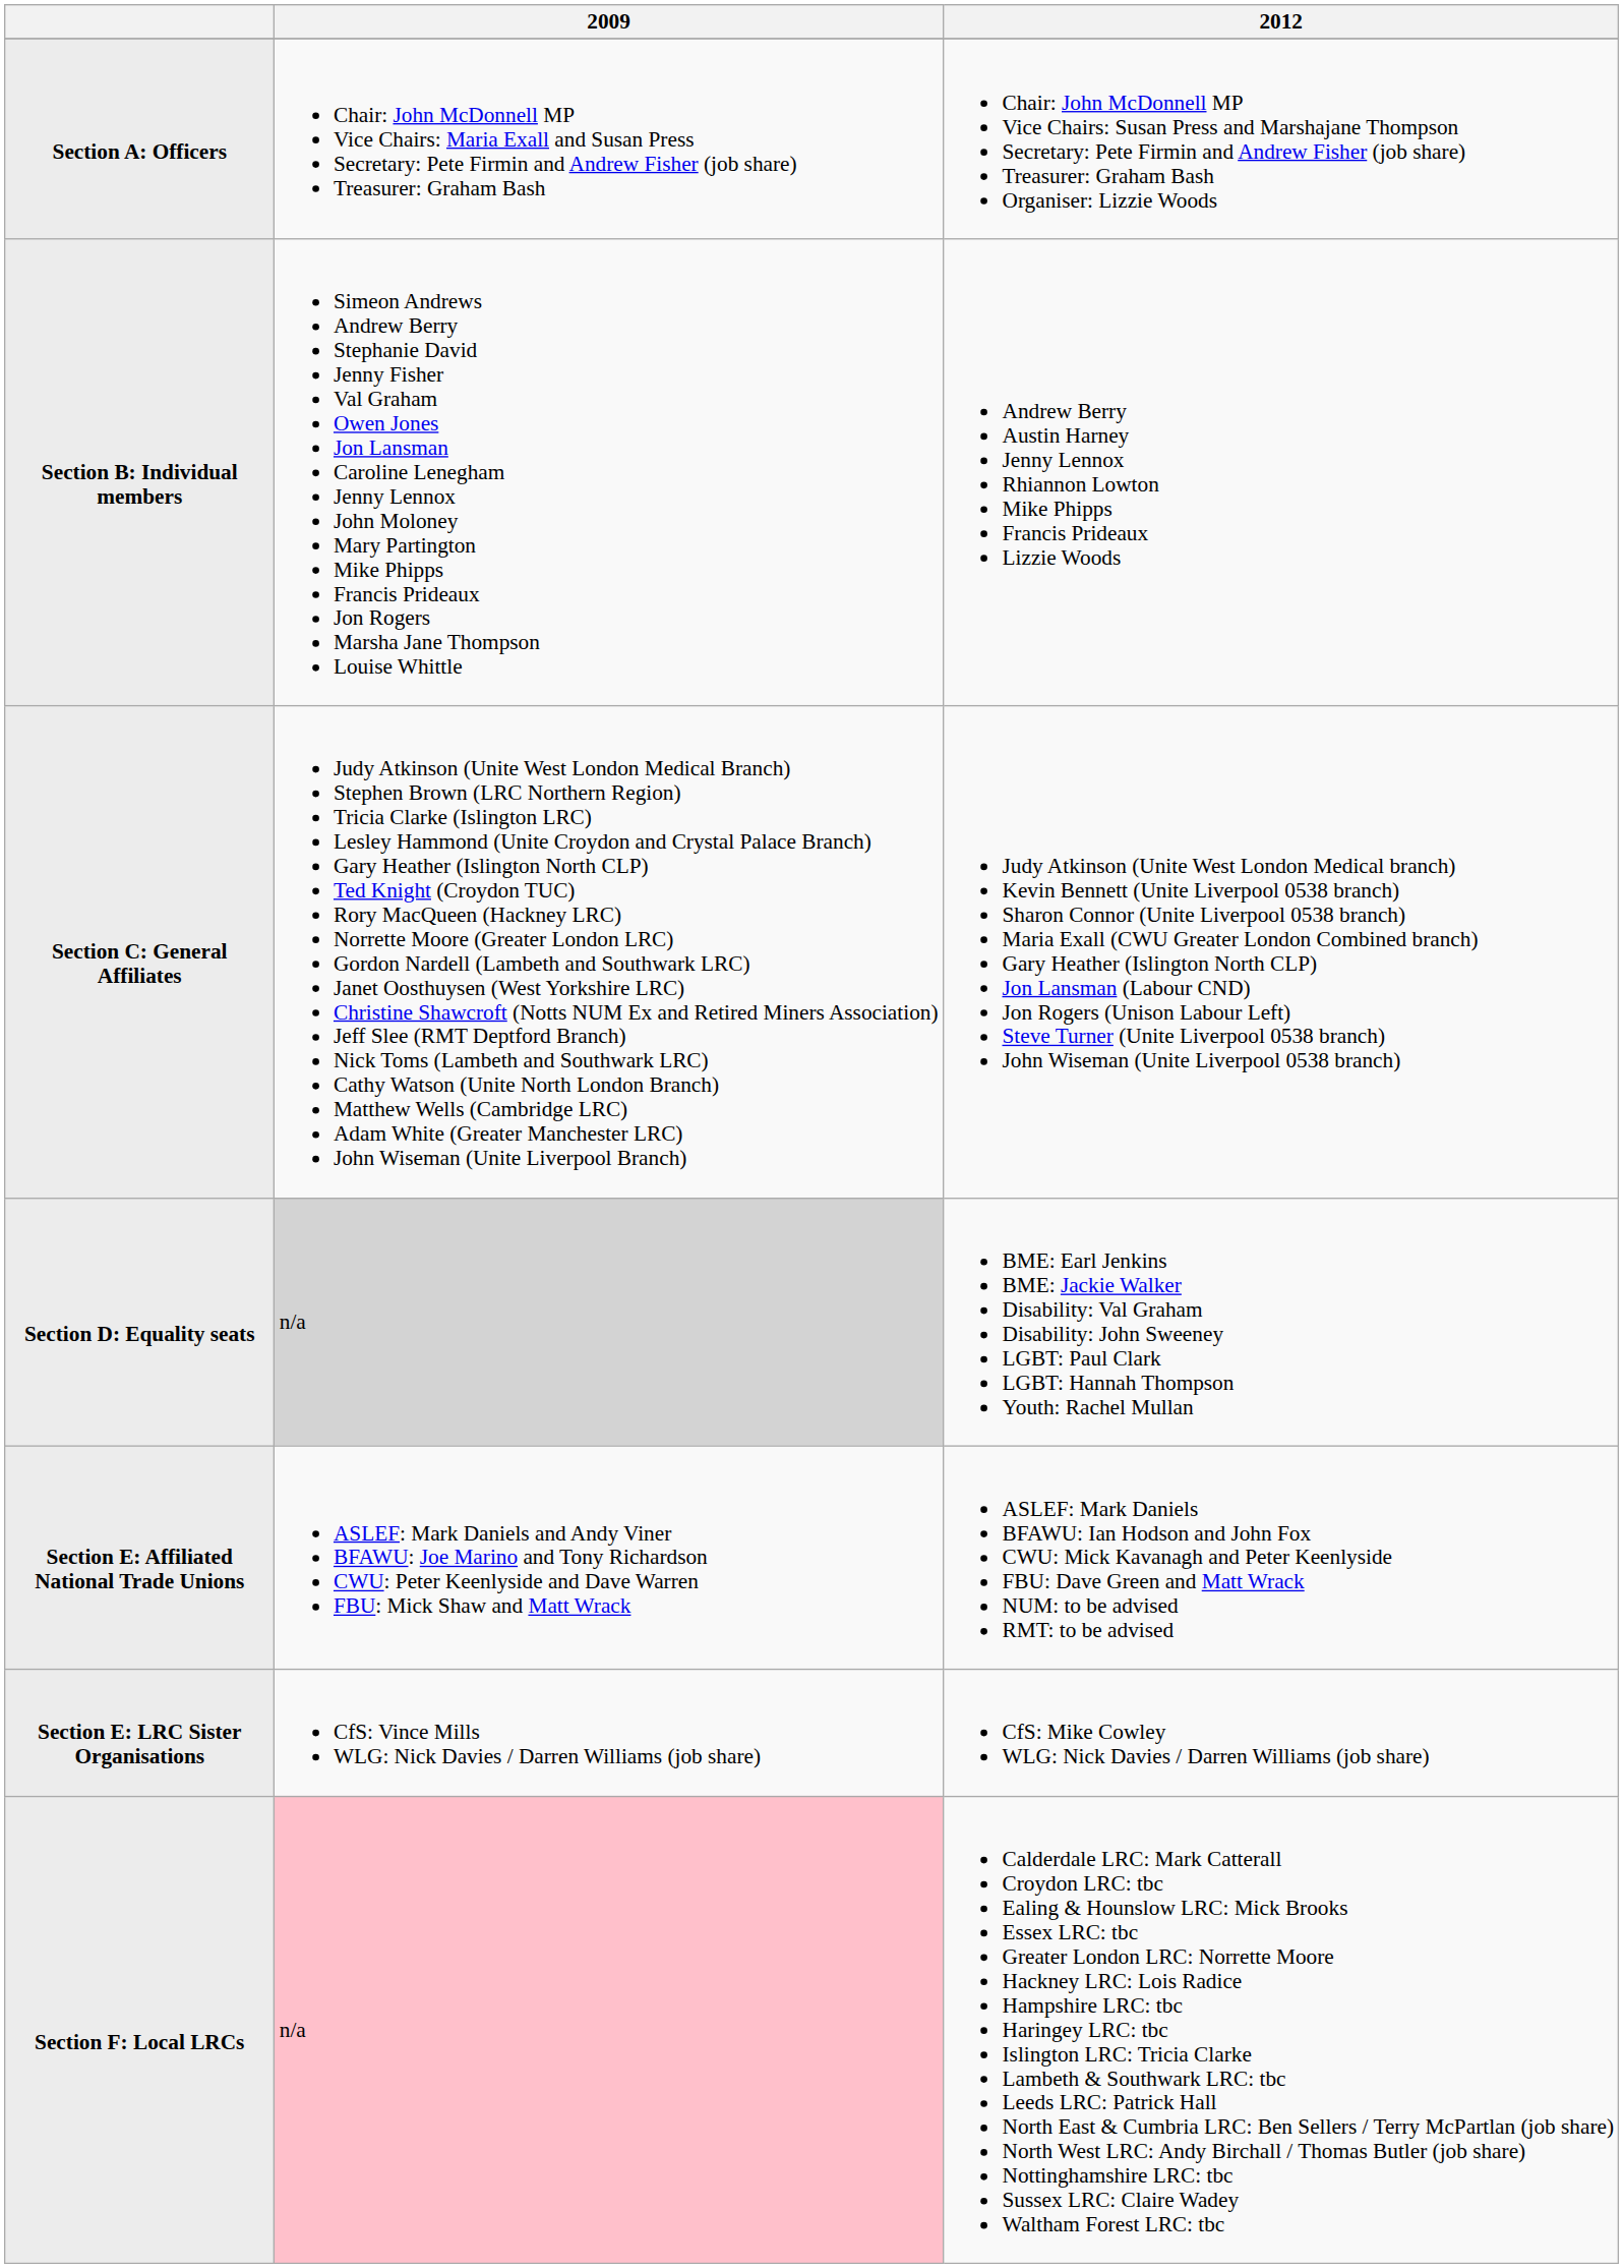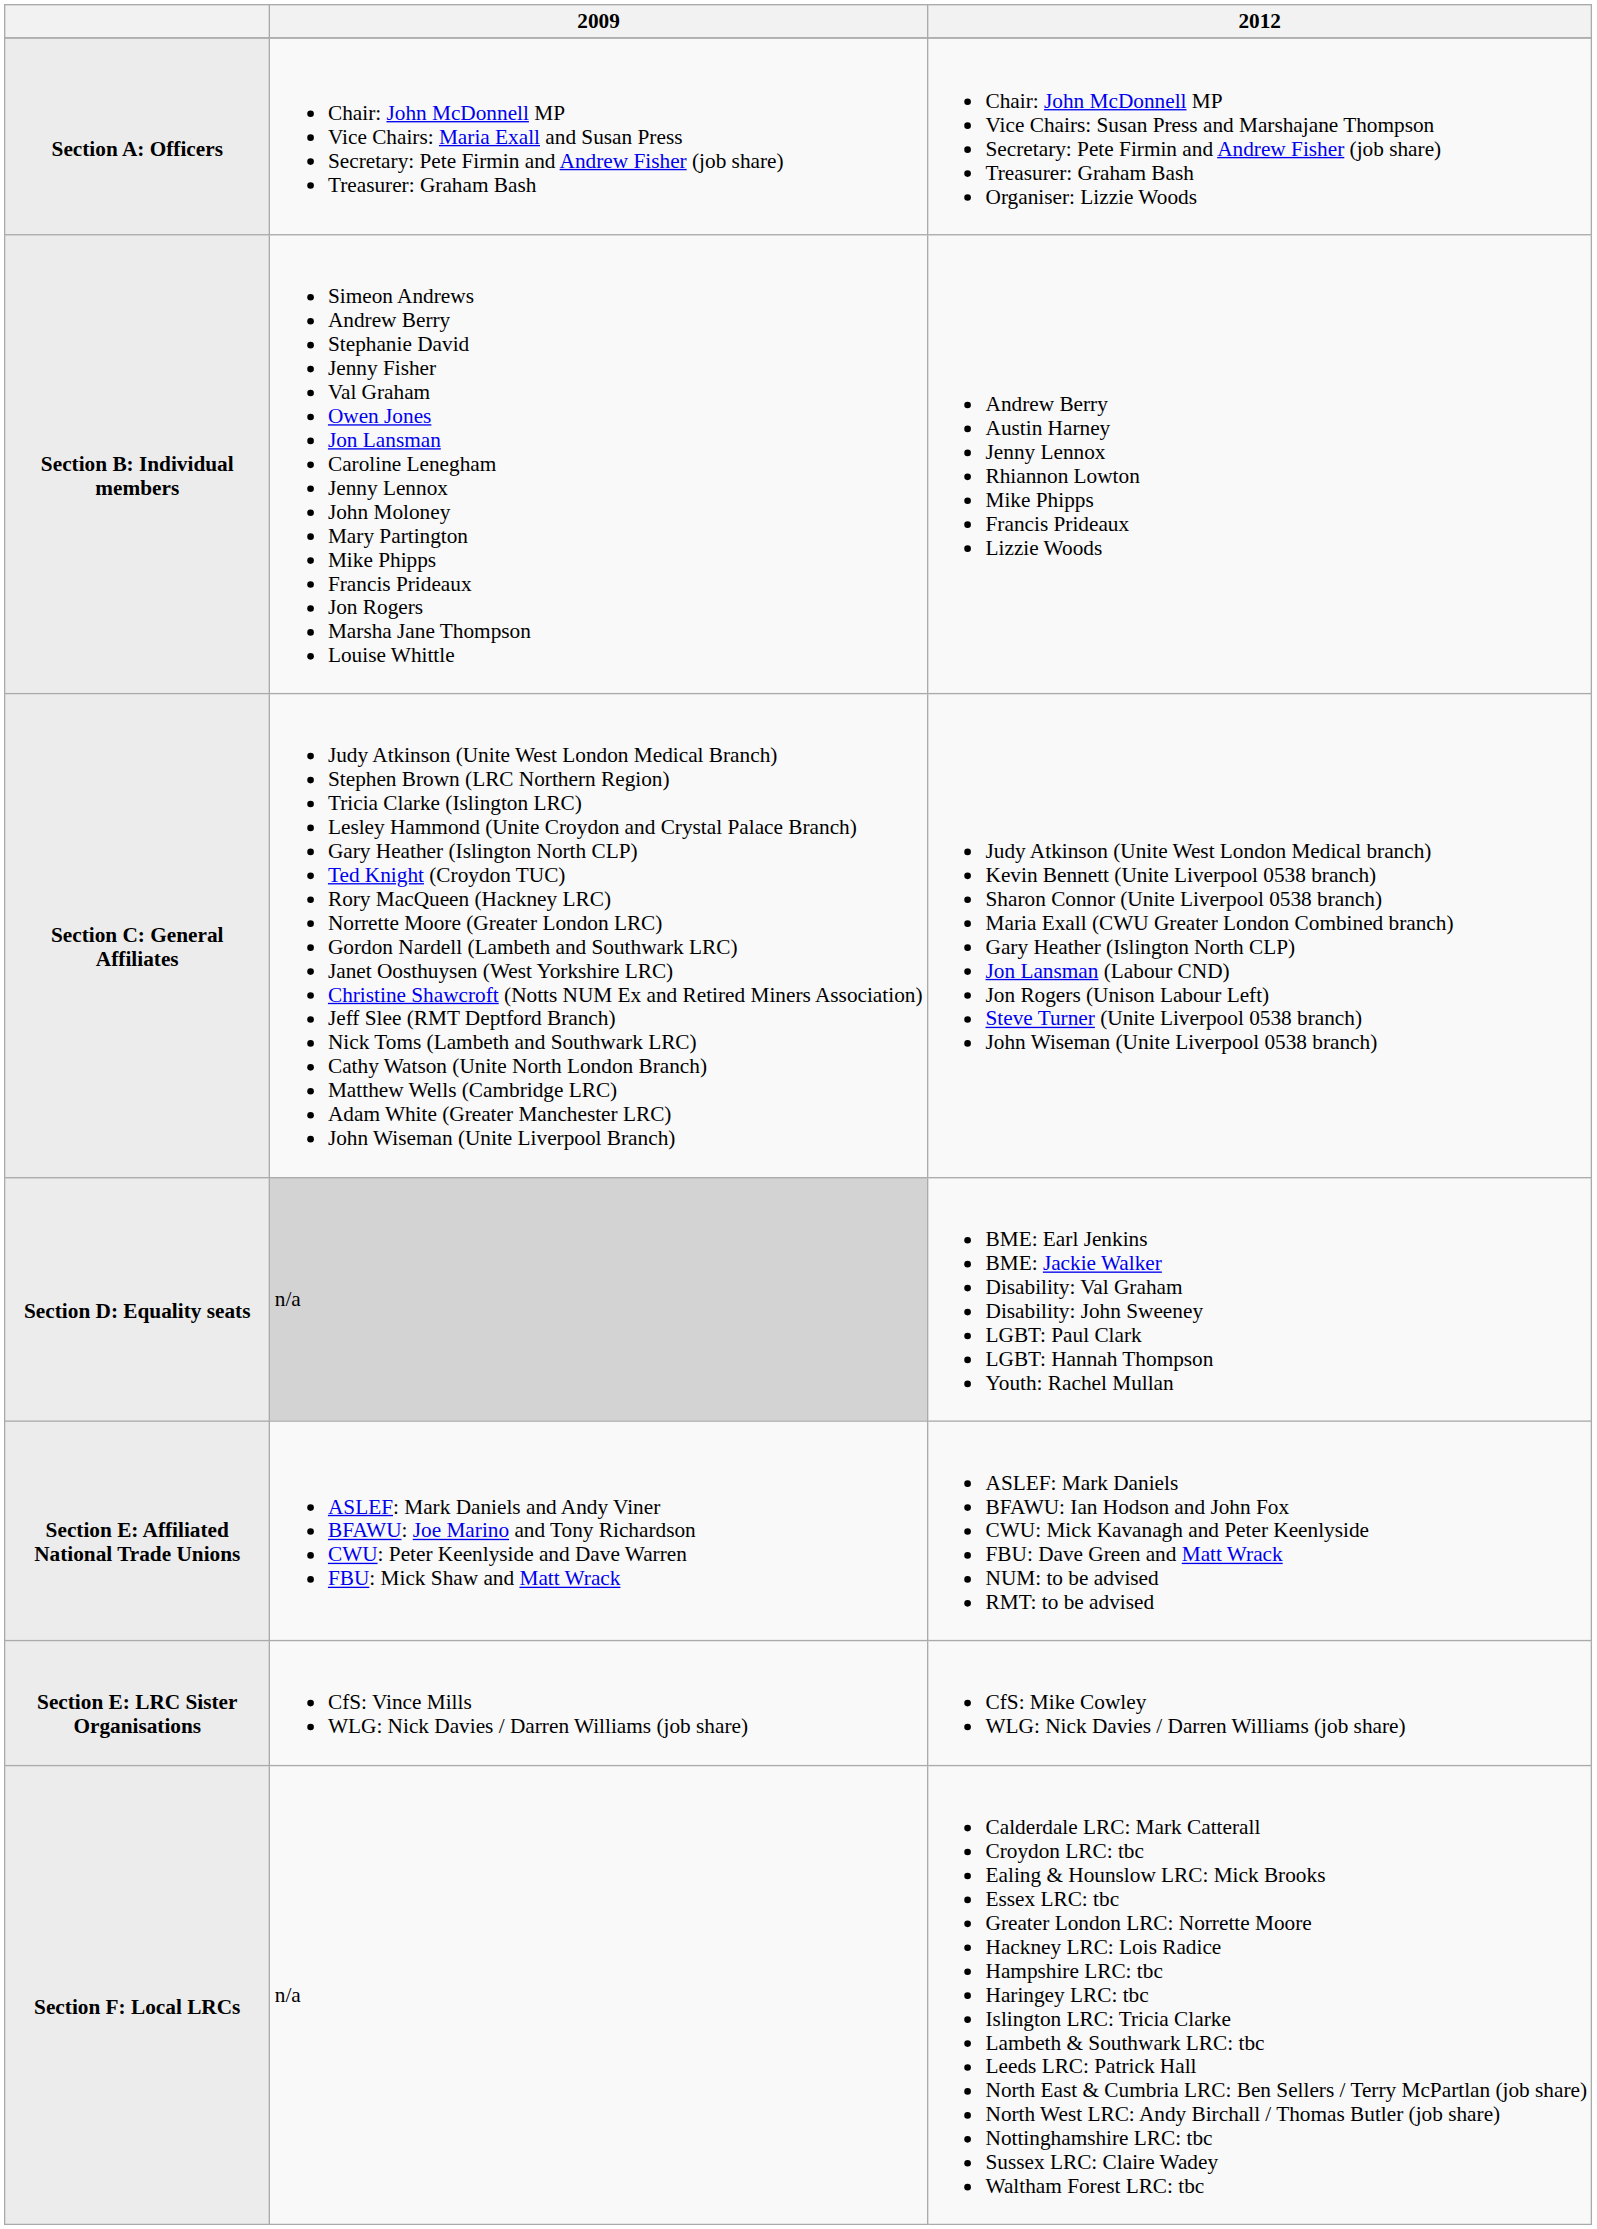 <table class="wikitable">
 <tr style="background: #ececec;">
 <th style="width:12em"></th>
 <th>2009</th>
 <th>2012</th>
 </tr>
 <tr>
 </tr>
 <tr>
 </tr>
 <tr>
 </tr>
 <tr>
 </tr>
 <tr>
 </tr>
 <tr>
 <th style="background: #ececec;"><br><strong>Section A: Officers</strong></th>
 <td><br><ul><li>Chair: <a href='#'>John McDonnell</a> MP</li><li>Vice Chairs: <a href='#'>Maria Exall</a> and Susan Press</li><li>Secretary: Pete Firmin and <a href='#'>Andrew Fisher</a> (job share)</li><li>Treasurer: Graham Bash</li></ul></td>
 <td><br><ul><li>Chair: <a href='#'>John McDonnell</a> MP</li><li>Vice Chairs: Susan Press and Marshajane Thompson</li><li>Secretary: Pete Firmin and <a href='#'>Andrew Fisher</a> (job share)</li><li>Treasurer: Graham Bash</li><li>Organiser: Lizzie Woods</li></ul></td>
 </tr>
 <tr>
 <th style="background: #ececec;"><br><strong>Section B: Individual members</strong></th>
 <td><br><ul><li>Simeon Andrews</li><li>Andrew Berry</li><li>Stephanie David</li><li>Jenny Fisher</li><li>Val Graham</li><li><a href='#'>Owen Jones</a></li><li><a href='#'>Jon Lansman</a></li><li>Caroline Lenegham</li><li>Jenny Lennox</li><li>John Moloney</li><li>Mary Partington</li><li>Mike Phipps</li><li>Francis Prideaux</li><li>Jon Rogers</li><li>Marsha Jane Thompson</li><li>Louise Whittle</li></ul></td>
 <td><br><ul><li>Andrew Berry</li><li>Austin Harney</li><li>Jenny Lennox</li><li>Rhiannon Lowton</li><li>Mike Phipps</li><li>Francis Prideaux</li><li>Lizzie Woods</li></ul></td>
 </tr>
 <tr>
 <th style="background: #ececec;"><br><strong>Section C: General Affiliates</strong></th>
 <td><br><ul><li>Judy Atkinson (Unite West London Medical Branch)</li><li>Stephen Brown (LRC Northern Region)</li><li>Tricia Clarke (Islington LRC)</li><li>Lesley Hammond (Unite Croydon and Crystal Palace Branch)</li><li>Gary Heather (Islington North CLP)</li><li><a href='#'>Ted Knight</a> (Croydon TUC)</li><li>Rory MacQueen (Hackney LRC)</li><li>Norrette Moore (Greater London LRC)</li><li>Gordon Nardell (Lambeth and Southwark LRC)</li><li>Janet Oosthuysen (West Yorkshire LRC)</li><li><a href='#'>Christine Shawcroft</a> (Notts NUM Ex and Retired Miners Association)</li><li>Jeff Slee (RMT Deptford Branch)</li><li>Nick Toms (Lambeth and Southwark LRC)</li><li>Cathy Watson (Unite North London Branch)</li><li>Matthew Wells (Cambridge LRC)</li><li>Adam White (Greater Manchester LRC)</li><li>John Wiseman (Unite Liverpool Branch)</li></ul></td>
 <td><br><ul><li>Judy Atkinson (Unite West London Medical branch)</li><li>Kevin Bennett (Unite Liverpool 0538 branch)</li><li>Sharon Connor (Unite Liverpool 0538 branch)</li><li>Maria Exall (CWU Greater London Combined branch)</li><li>Gary Heather (Islington North CLP)</li><li><a href='#'>Jon Lansman</a> (Labour CND)</li><li>Jon Rogers (Unison Labour Left)</li><li><a href='#'>Steve Turner</a> (Unite Liverpool 0538 branch)</li><li>John Wiseman (Unite Liverpool 0538 branch)</li></ul></td>
 </tr>
 <tr>
 <th style="background: #ececec;"><br><strong>Section D: Equality seats</strong></th>
 <td style="background: lightgrey;">n/a</td>
 <td><br><ul><li>BME: Earl Jenkins</li><li>BME: <a href='#'>Jackie Walker</a></li><li>Disability: Val Graham</li><li>Disability: John Sweeney</li><li>LGBT: Paul Clark</li><li>LGBT: Hannah Thompson</li><li>Youth: Rachel Mullan</li></ul></td>
 </tr>
 <tr>
 <th style="background: #ececec;"><br><strong>Section E: Affiliated National Trade Unions</strong></th>
 <td><br><ul><li><a href='#'>ASLEF</a>: Mark Daniels and Andy Viner</li><li><a href='#'>BFAWU</a>: <a href='#'>Joe Marino</a> and Tony Richardson</li><li><a href='#'>CWU</a>: Peter Keenlyside and Dave Warren</li><li><a href='#'>FBU</a>: Mick Shaw and <a href='#'>Matt Wrack</a></li></ul></td>
 <td><br><ul><li>ASLEF: Mark Daniels</li><li>BFAWU: Ian Hodson and John Fox</li><li>CWU: Mick Kavanagh and Peter Keenlyside</li><li>FBU: Dave Green and <a href='#'>Matt Wrack</a></li><li>NUM: to be advised</li><li>RMT: to be advised</li></ul></td>
 </tr>
 <tr>
 <th style="background: #ececec;"><br><strong>Section E: LRC Sister Organisations</strong></th>
 <td><br><ul><li>CfS: Vince Mills</li><li>WLG: Nick Davies / Darren Williams (job share)</li></ul></td>
 <td><br><ul><li>CfS: Mike Cowley</li><li>WLG: Nick Davies / Darren Williams (job share)</li></ul></td>
 </tr>
 <tr>
 <th style="background: #ececec;"><br><strong>Section F: Local LRCs</strong></th>
-<td style="background: pink;">n/a</td>
+<td>n/a</td>
 <td><br><ul><li>Calderdale LRC: Mark Catterall</li><li>Croydon LRC: tbc</li><li>Ealing & Hounslow LRC: Mick Brooks</li><li>Essex LRC: tbc</li><li>Greater London LRC: Norrette Moore</li><li>Hackney LRC: Lois Radice</li><li>Hampshire LRC: tbc</li><li>Haringey LRC: tbc</li><li>Islington LRC: Tricia Clarke</li><li>Lambeth & Southwark LRC: tbc</li><li>Leeds LRC: Patrick Hall</li><li>North East & Cumbria LRC: Ben Sellers / Terry McPartlan (job share)</li><li>North West LRC: Andy Birchall / Thomas Butler (job share)</li><li>Nottinghamshire LRC: tbc</li><li>Sussex LRC: Claire Wadey</li><li>Waltham Forest LRC: tbc</li></ul></td>
 </tr>
 </table>
